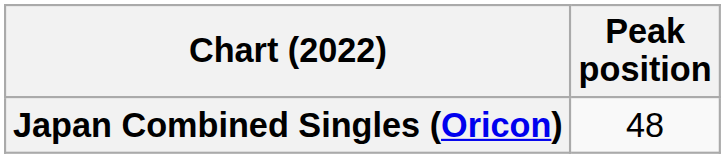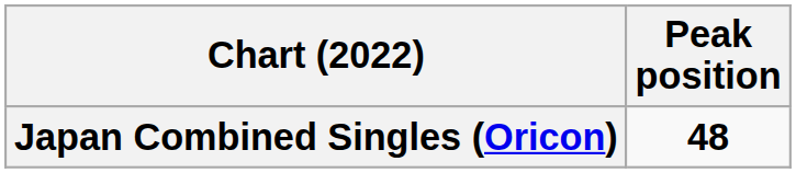 <table class="wikitable plainrowheaders" style="text-align:center">
 <tr>
 <th scope="col">Chart (2022)</th>
 <th scope="col">Peak<br>position</th>
 </tr>
 <tr>
 <th scope="row">Japan Combined Singles (<a href='#'>Oricon</a>)</th>
-<td>48</td>
+<td><strong>48</strong></td>
 </tr>
 </table>
